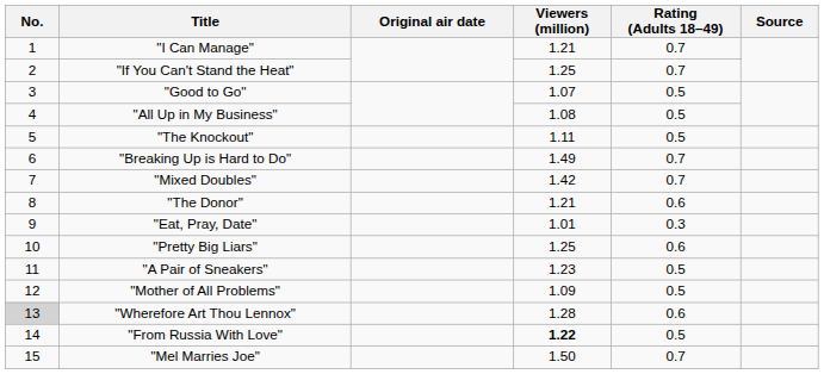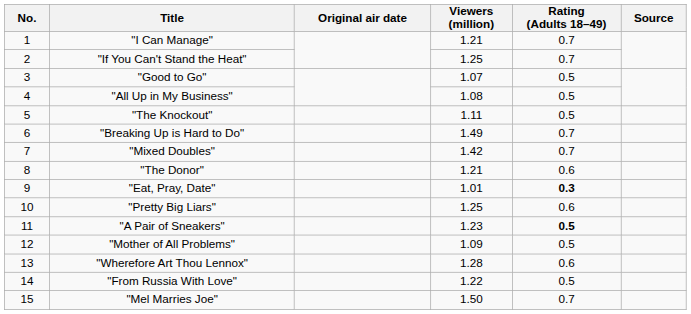 <table class="wikitable plainrowheaders" style="text-align:center; width:74%;">
 <tr>
 <th scope="col" style="padding:0 8px; width:5%;">No.</th>
 <th scope="col" style="padding:0 8px; width:27%;">Title</th>
 <th scope="col" style="padding:0 8px; width:15%;">Original air date</th>
 <th scope="col" style="padding:0 8px; width:9%;">Viewers<br>(million)</th>
 <th scope="col" style="padding:0 8px; width:12%;">Rating<br>(Adults 18–49)</th>
 <th scope="col" style="padding:0 8px; width:6%;">Source</th>
 </tr>
 <tr>
 <td scope="row">1</td>
 <td>"I Can Manage"</td>
 <td rowspan="2"></td>
 <td>1.21 </td>
 <td>0.7 </td>
 <td rowspan="2"></td>
 </tr>
 <tr>
 <td scope="row">2</td>
 <td>"If You Can't Stand the Heat"</td>
 <td>1.25 </td>
 <td>0.7 </td>
 </tr>
 <tr>
 <td scope="row">3</td>
 <td>"Good to Go"</td>
 <td rowspan="2"></td>
 <td>1.07 </td>
 <td>0.5 </td>
 <td rowspan="2"></td>
 </tr>
 <tr>
 <td scope="row">4</td>
 <td>"All Up in My Business"</td>
 <td>1.08 </td>
 <td>0.5 </td>
 </tr>
 <tr>
 <td scope="row">5</td>
 <td>"The Knockout"</td>
 <td></td>
 <td>1.11 </td>
 <td>0.5 </td>
 <td></td>
 </tr>
 <tr>
 <td scope="row">6</td>
 <td>"Breaking Up is Hard to Do"</td>
 <td></td>
 <td>1.49 </td>
 <td>0.7 </td>
 <td></td>
 </tr>
 <tr>
 <td scope="row">7</td>
 <td>"Mixed Doubles"</td>
 <td></td>
 <td>1.42 </td>
 <td>0.7 </td>
 <td></td>
 </tr>
 <tr>
 <td scope="row">8</td>
 <td>"The Donor"</td>
 <td></td>
 <td>1.21 </td>
 <td>0.6 </td>
 <td></td>
 </tr>
 <tr>
 <td scope="row">9</td>
 <td>"Eat, Pray, Date"</td>
 <td></td>
 <td>1.01 </td>
-<td>0.3 </td>
+<td><strong>0.3 </strong></td>
 <td></td>
 </tr>
 <tr>
 <td scope="row">10</td>
 <td>"Pretty Big Liars"</td>
 <td></td>
 <td>1.25 </td>
 <td>0.6 </td>
 <td></td>
 </tr>
 <tr>
 <td scope="row">11</td>
 <td>"A Pair of Sneakers"</td>
 <td></td>
 <td>1.23 </td>
-<td>0.5 </td>
+<td><strong>0.5 </strong></td>
 <td></td>
 </tr>
 <tr>
 <td scope="row">12</td>
 <td>"Mother of All Problems"</td>
 <td></td>
 <td>1.09 </td>
 <td>0.5 </td>
 <td></td>
 </tr>
 <tr>
-<td scope="row" style="background: lightgrey;">13</td>
+<td scope="row">13</td>
 <td>"Wherefore Art Thou Lennox"</td>
 <td></td>
 <td>1.28 </td>
 <td>0.6 </td>
 <td></td>
 </tr>
 <tr>
 <td scope="row">14</td>
 <td>"From Russia With Love"</td>
 <td></td>
-<td><strong>1.22 </strong></td>
+<td>1.22 </td>
 <td>0.5 </td>
 <td></td>
 </tr>
 <tr>
 <td scope="row">15</td>
 <td>"Mel Marries Joe"</td>
 <td></td>
 <td>1.50 </td>
 <td>0.7 </td>
 <td></td>
 </tr>
 </table>
